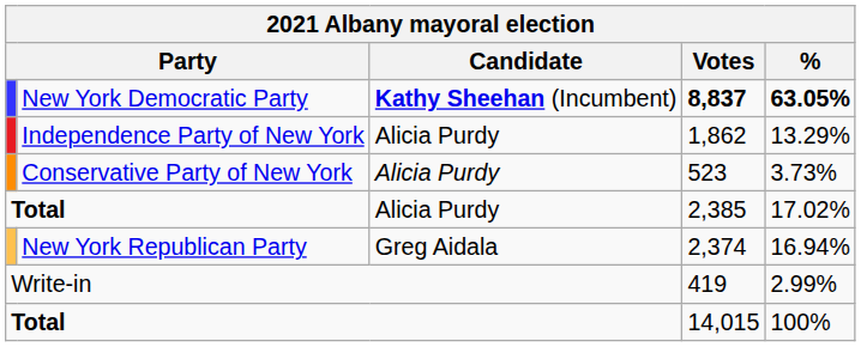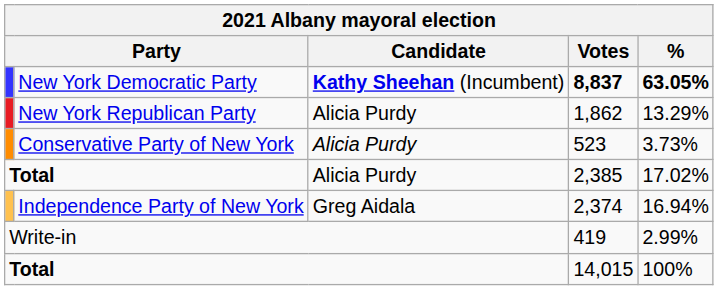 <table class="wikitable" style="font-size: 95%">
 <tr>
 <th colspan="5">2021 Albany mayoral election</th>
 </tr>
 <tr>
 <th colspan="2">Party</th>
 <th>Candidate</th>
 <th>Votes</th>
 <th>%</th>
 </tr>
 <tr>
 <td bgcolor="#3333FF"></td>
 <td><a href='#'>New York Democratic Party</a></td>
 <td><strong><a href='#'>Kathy Sheehan</a></strong> (Incumbent)</td>
 <td><strong>8,837</strong></td>
 <td><strong>63.05%</strong></td>
 </tr>
 <tr>
 <td bgcolor="#E81B23"></td>
-<td><a href='#'>Independence Party of New York</a></td>
+<td><a href='#'>New York Republican Party</a></td>
 <td>Alicia Purdy</td>
 <td>1,862</td>
 <td>13.29%</td>
 </tr>
 <tr>
 <td bgcolor="#FF8C00"></td>
 <td><a href='#'>Conservative Party of New York</a></td>
 <td><em>Alicia Purdy</em></td>
 <td>523</td>
 <td>3.73%</td>
 </tr>
 <tr>
 <td colspan="2"><strong>Total</strong></td>
 <td>Alicia Purdy</td>
 <td>2,385</td>
 <td>17.02%</td>
 </tr>
 <tr>
 <td bgcolor="FFC14E"></td>
-<td><a href='#'>New York Republican Party</a></td>
+<td><a href='#'>Independence Party of New York</a></td>
 <td>Greg Aidala</td>
 <td>2,374</td>
 <td>16.94%</td>
 </tr>
 <tr>
 <td colspan="3">Write-in</td>
 <td>419</td>
 <td>2.99%</td>
 </tr>
 <tr>
 <td colspan="3"><strong>Total</strong></td>
 <td>14,015</td>
 <td>100%</td>
 </tr>
 </table>
